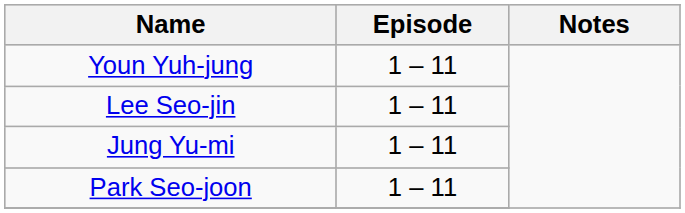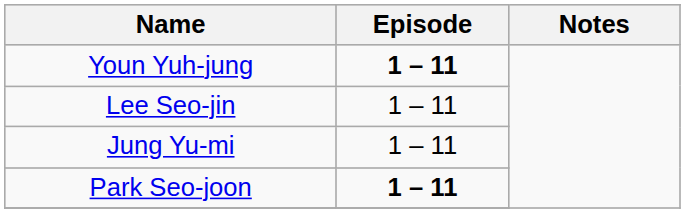 <table class=wikitable style=text-align:center>
 <tr>
 <th style=width:200px>Name</th>
 <th style=width:100px>Episode</th>
 <th style=width:100px>Notes</th>
 </tr>
 <tr>
 <td><a href='#'>Youn Yuh-jung</a></td>
-<td>1 – 11</td>
+<td><strong>1 – 11</strong></td>
 <td rowspan=5></td>
 </tr>
 <tr>
 <td><a href='#'>Lee Seo-jin</a></td>
 <td>1 – 11</td>
 </tr>
 <tr>
 <td><a href='#'>Jung Yu-mi</a></td>
 <td>1 – 11</td>
 </tr>
 <tr>
 <td><a href='#'>Park Seo-joon</a></td>
-<td>1 – 11</td>
+<td><strong>1 – 11</strong></td>
 </tr>
 <tr>
 </tr>
 </table>
